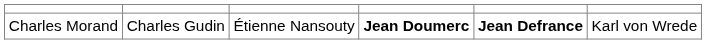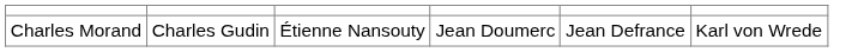 <table cellpadding=4 cellspacing=2 border=1 style="border-collapse:collapse;" class=>
 <tr>
 <td></td>
 <td></td>
 <td></td>
 <td></td>
 <td></td>
 <td></td>
 </tr>
 <tr>
 <td>Charles Morand</td>
 <td>Charles Gudin</td>
 <td>Étienne Nansouty</td>
-<td><strong>Jean Doumerc</strong></td>
-<td><strong>Jean Defrance</strong></td>
+<td>Jean Doumerc</td>
+<td>Jean Defrance</td>
 <td>Karl von Wrede</td>
 </tr>
 </table>
